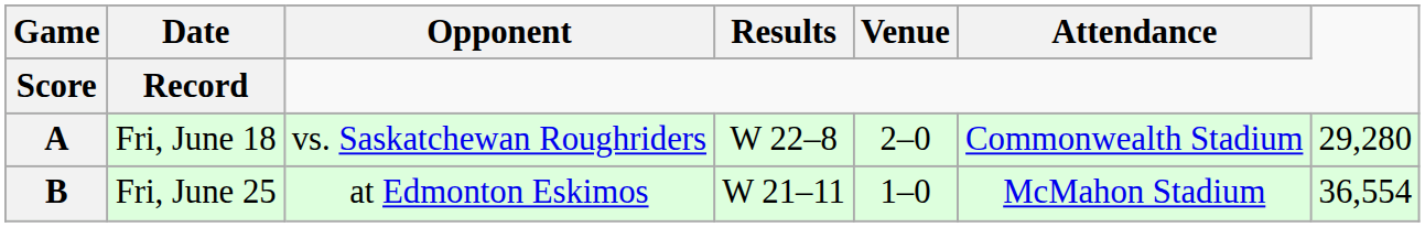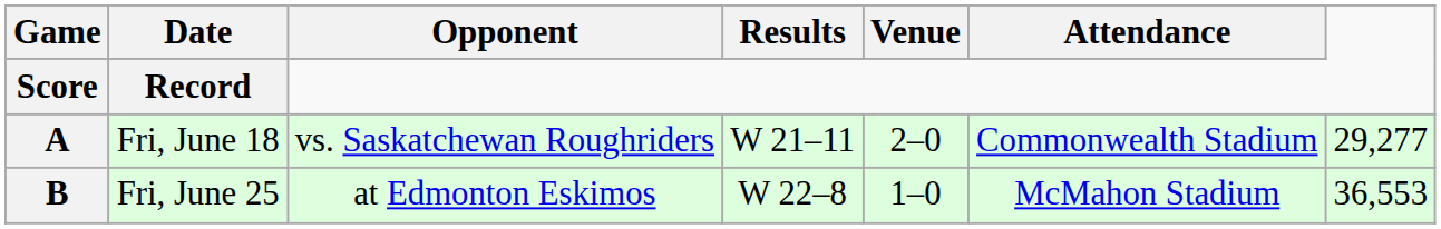 <table class="wikitable" style="text-align:center">
 <tr>
 <th>Game</th>
 <th>Date</th>
 <th>Opponent</th>
 <th>Results</th>
 <th>Venue</th>
 <th>Attendance</th>
 </tr>
 <tr>
 <th>Score</th>
 <th>Record</th>
 </tr>
 <tr style="background:#ddffdd">
 <th>A</th>
 <td>Fri, June 18</td>
 <td>vs. <a href='#'>Saskatchewan Roughriders</a></td>
-<td>W 22–8</td>
+<td>W 21–11</td>
 <td>2–0</td>
 <td><a href='#'>Commonwealth Stadium</a></td>
-<td>29,280</td>
+<td>29,277</td>
 </tr>
 <tr style="background:#ddffdd">
 <th>B</th>
 <td>Fri, June 25</td>
 <td>at <a href='#'>Edmonton Eskimos</a></td>
-<td>W 21–11</td>
+<td>W 22–8</td>
 <td>1–0</td>
 <td><a href='#'>McMahon Stadium</a></td>
-<td>36,554</td>
+<td>36,553</td>
 </tr>
 </table>
